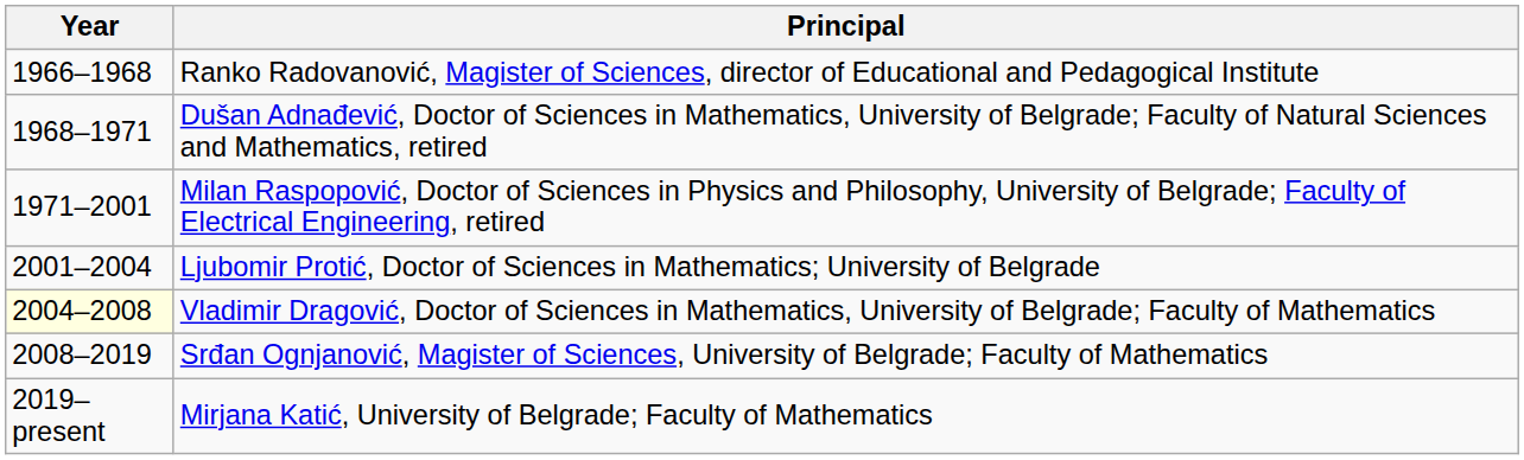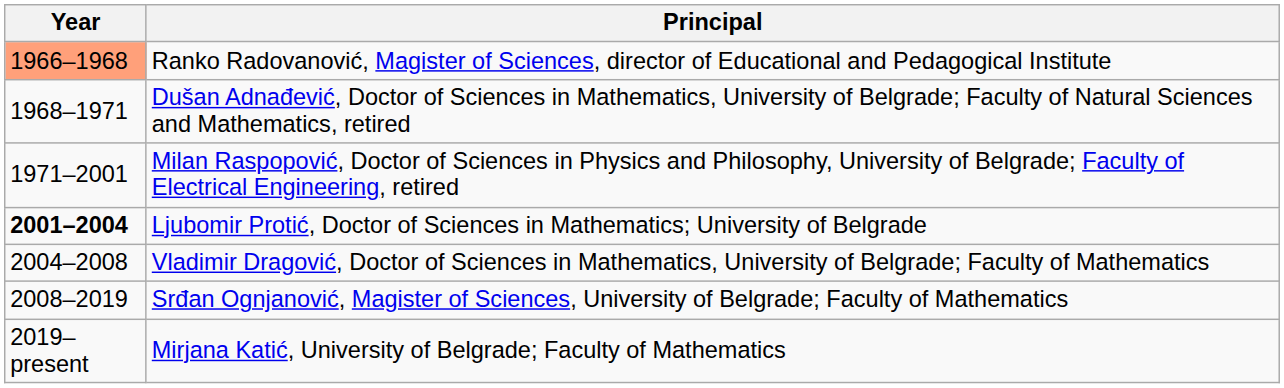 <table class="wikitable">
 <tr>
 <th>Year</th>
 <th>Principal</th>
 </tr>
 <tr>
-<td>1966–1968</td>
+<td style="background: lightsalmon;">1966–1968</td>
 <td>Ranko Radovanović, <a href='#'>Magister of Sciences</a>, director of Educational and Pedagogical Institute</td>
 </tr>
 <tr>
 <td>1968–1971</td>
 <td><a href='#'>Dušan Adnađević</a>, Doctor of Sciences in Mathematics, University of Belgrade; Faculty of Natural Sciences and Mathematics, retired</td>
 </tr>
 <tr>
 <td>1971–2001</td>
 <td><a href='#'>Milan Raspopović</a>, Doctor of Sciences in Physics and Philosophy, University of Belgrade; <a href='#'>Faculty of Electrical Engineering</a>, retired</td>
 </tr>
 <tr>
-<td>2001–2004</td>
+<td><strong>2001–2004</strong></td>
 <td><a href='#'>Ljubomir Protić</a>, Doctor of Sciences in Mathematics; University of Belgrade</td>
 </tr>
 <tr>
-<td style="background: lightyellow;">2004–2008</td>
+<td>2004–2008</td>
 <td><a href='#'>Vladimir Dragović</a>, Doctor of Sciences in Mathematics, University of Belgrade; Faculty of Mathematics</td>
 </tr>
 <tr>
 <td>2008–2019</td>
 <td><a href='#'>Srđan Ognjanović</a>, <a href='#'>Magister of Sciences</a>, University of Belgrade; Faculty of Mathematics</td>
 </tr>
 <tr>
 <td>2019–present</td>
 <td><a href='#'>Mirjana Katić</a>, University of Belgrade; Faculty of Mathematics</td>
 </tr>
 </table>
